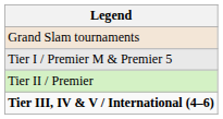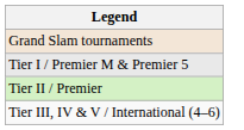 <table class="wikitable" style="font-size:90%;">
 <tr>
 <th>Legend</th>
 </tr>
 <tr>
 <td style="background:#f3e6d7;">Grand Slam tournaments</td>
 </tr>
 <tr>
 <td style="background:#e9e9e9;">Tier I / Premier M & Premier 5</td>
 </tr>
 <tr>
 <td style="background:#d4f1c5;">Tier II / Premier</td>
 </tr>
 <tr>
-<td><strong>Tier III, IV & V / International (4–6)</strong></td>
+<td>Tier III, IV & V / International (4–6)</td>
 </tr>
 </table>
